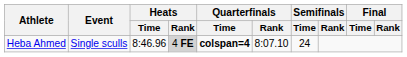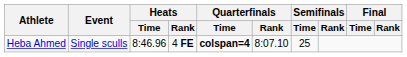 <table class="wikitable" style="font-size:90%">
 <tr>
 <th rowspan="2">Athlete</th>
 <th rowspan="2">Event</th>
 <th colspan="2">Heats</th>
 <th colspan="2">Quarterfinals</th>
 <th colspan="2">Semifinals</th>
 <th colspan="2">Final</th>
 </tr>
 <tr style="font-size:95%">
 <th>Time</th>
 <th>Rank</th>
 <th>Time</th>
 <th>Rank</th>
 <th>Time</th>
 <th>Rank</th>
 <th>Time</th>
 <th>Rank</th>
 </tr>
 <tr align=center>
 <td align=left><a href='#'>Heba Ahmed</a></td>
 <td align=left><a href='#'>Single sculls</a></td>
 <td>8:46.96</td>
-<td style="background: lightgrey;">4 <strong>FE</strong></td>
+<td>4 <strong>FE</strong></td>
 <td><strong>colspan=4 </strong></td>
 <td>8:07.10</td>
-<td>24</td>
+<td>25</td>
 </tr>
 </table>
